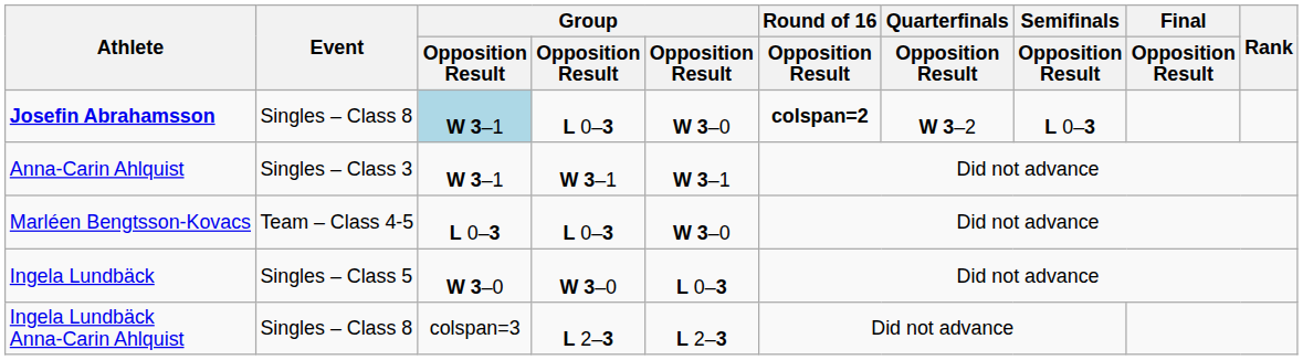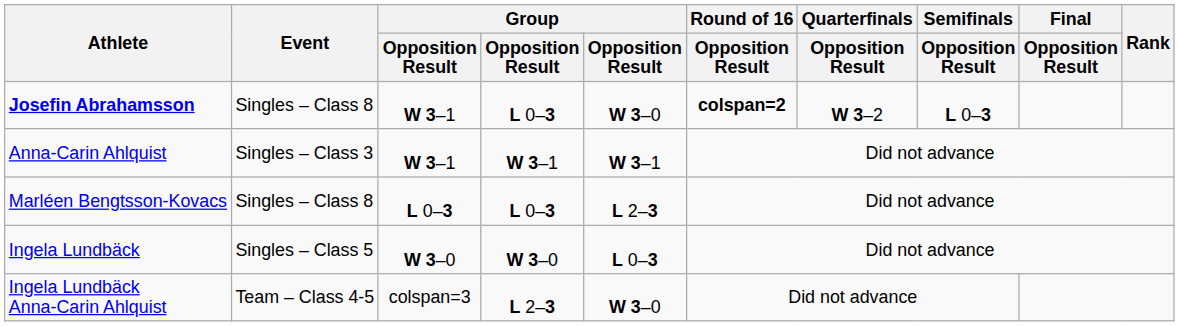 <table class="wikitable" style="font-size:90%">
 <tr>
 <th rowspan="2">Athlete</th>
 <th rowspan="2">Event</th>
 <th colspan="3">Group</th>
 <th>Round of 16</th>
 <th>Quarterfinals</th>
 <th>Semifinals</th>
 <th>Final</th>
 <th rowspan="2">Rank</th>
 </tr>
 <tr>
 <th>Opposition<br>Result</th>
 <th>Opposition<br>Result</th>
 <th>Opposition<br>Result</th>
 <th>Opposition<br>Result</th>
 <th>Opposition<br>Result</th>
 <th>Opposition<br>Result</th>
 <th>Opposition<br>Result</th>
 </tr>
 <tr align=center>
 <td align=left><strong><a href='#'>Josefin Abrahamsson</a></strong></td>
 <td align=left>Singles – Class 8</td>
-<td style="background: lightblue;"><br><strong>W</strong> <strong>3</strong>–1</td>
+<td><br><strong>W</strong> <strong>3</strong>–1</td>
 <td><br><strong>L</strong> 0–<strong>3</strong></td>
 <td><br><strong>W</strong> <strong>3</strong>–0</td>
 <td><strong>colspan=2 </strong></td>
 <td><br><strong>W</strong> <strong>3</strong>–2</td>
 <td><br><strong>L</strong> 0–<strong>3</strong></td>
 <td></td>
 </tr>
 <tr align=center>
 <td align=left><a href='#'>Anna-Carin Ahlquist</a></td>
 <td align=left>Singles – Class 3</td>
 <td><br><strong>W</strong> <strong>3</strong>–1</td>
 <td><br><strong>W</strong> <strong>3</strong>–1</td>
 <td><br><strong>W</strong> <strong>3</strong>–1</td>
 <td colspan=5>Did not advance</td>
 </tr>
 <tr align=center>
 <td align=left><a href='#'>Marléen Bengtsson-Kovacs</a></td>
-<td align=left>Team – Class 4-5</td>
+<td align=left>Singles – Class 8</td>
 <td><br><strong>L</strong> 0–<strong>3</strong></td>
 <td><br><strong>L</strong> 0–<strong>3</strong></td>
-<td><br><strong>W</strong> <strong>3</strong>–0</td>
+<td><br><strong>L</strong> 2–<strong>3</strong></td>
 <td colspan=5>Did not advance</td>
 </tr>
 <tr align=center>
 <td align=left><a href='#'>Ingela Lundbäck</a></td>
 <td align=left>Singles – Class 5</td>
 <td><br><strong>W</strong> <strong>3</strong>–0</td>
 <td><br><strong>W</strong> <strong>3</strong>–0</td>
 <td><br><strong>L</strong> 0–<strong>3</strong></td>
 <td colspan=5>Did not advance</td>
 </tr>
 <tr align=center>
 <td align=left><a href='#'>Ingela Lundbäck</a><br><a href='#'>Anna-Carin Ahlquist</a></td>
-<td align=left>Singles – Class 8</td>
+<td align=left>Team – Class 4-5</td>
 <td>colspan=3 </td>
 <td><br><strong>L</strong> 2–<strong>3</strong></td>
-<td><br><strong>L</strong> 2–<strong>3</strong></td>
+<td><br><strong>W</strong> <strong>3</strong>–0</td>
 <td colspan=3>Did not advance</td>
 </tr>
 </table>
